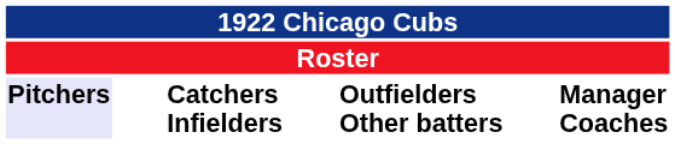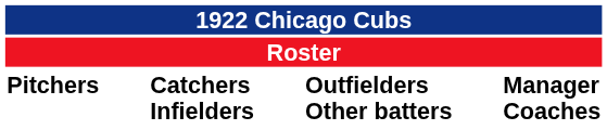 <table class="toccolours" style="font-size: 95%;">
 <tr>
 <th colspan="10" style="background-color: #0e3386; color: white; text-align: center;">1922 Chicago Cubs</th>
 </tr>
 <tr>
 <td colspan="10" style="background-color: #EE1422; color: white; text-align: center;"><strong>Roster</strong></td>
 </tr>
 <tr>
-<td valign="top" style="background: lavender;"><strong>Pitchers</strong><br>            </td>
+<td valign="top"><strong>Pitchers</strong><br>            </td>
 <td width="25px"></td>
 <td valign="top"><strong>Catchers</strong><br>   <strong>Infielders</strong>         </td>
 <td width="25px"></td>
 <td valign="top"><strong>Outfielders</strong><br>         <strong>Other batters</strong>  </td>
 <td width="25px"></td>
 <td valign="top"><strong>Manager</strong><br> <strong>Coaches</strong> </td>
 </tr>
 </table>
